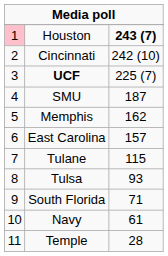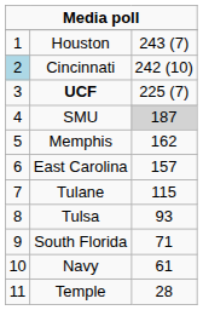 <table class="wikitable">
 <tr align="center">
 <td align="center" Colspan="3"><strong>Media poll</strong></td>
 </tr>
 <tr align="center">
 </tr>
 <tr align="center">
-<td style="background: pink;">1</td>
+<td>1</td>
 <td>Houston</td>
-<td><strong>243 (7)</strong></td>
+<td>243 (7)</td>
 </tr>
 <tr align="center">
-<td>2</td>
+<td style="background: lightblue;">2</td>
 <td>Cincinnati</td>
 <td>242 (10)</td>
 </tr>
 <tr align="center">
 <td>3</td>
 <td><strong>UCF</strong></td>
 <td>225 (7)</td>
 </tr>
 <tr align="center">
 <td>4</td>
 <td>SMU</td>
-<td>187</td>
+<td style="background: lightgrey;">187</td>
 </tr>
 <tr align="center">
 <td>5</td>
 <td>Memphis</td>
 <td>162</td>
 </tr>
 <tr align="center">
 <td>6</td>
 <td>East Carolina</td>
 <td>157</td>
 </tr>
 <tr align="center">
 <td>7</td>
 <td>Tulane</td>
 <td>115</td>
 </tr>
 <tr align="center">
 <td>8</td>
 <td>Tulsa</td>
 <td>93</td>
 </tr>
 <tr align="center">
 <td>9</td>
 <td>South Florida</td>
 <td>71</td>
 </tr>
 <tr align="center">
 <td>10</td>
 <td>Navy</td>
 <td>61</td>
 </tr>
 <tr align="center">
 <td>11</td>
 <td>Temple</td>
 <td>28</td>
 </tr>
 </table>
